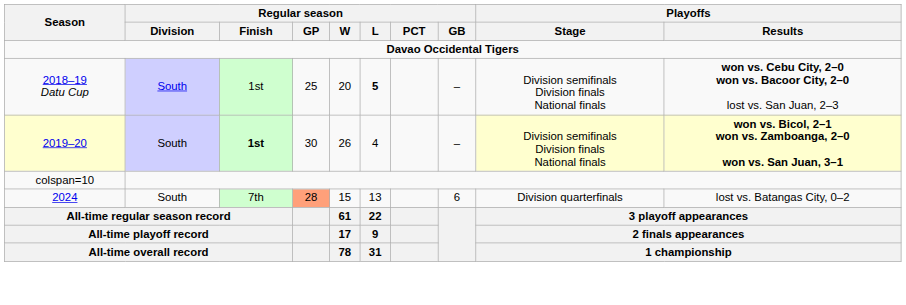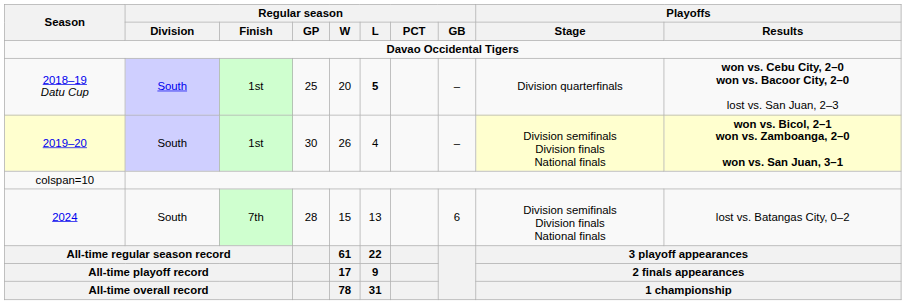 <table class=wikitable style="width:100%; text-align:center">
 <tr>
 <th rowspan="2">Season</th>
 <th colspan="7">Regular season</th>
 <th colspan="2">Playoffs</th>
 </tr>
 <tr>
 <th>Division</th>
 <th>Finish</th>
 <th>GP</th>
 <th>W</th>
 <th>L</th>
 <th>PCT</th>
 <th>GB</th>
 <th>Stage</th>
 <th>Results</th>
 </tr>
 <tr>
 <td colspan=10><span><strong>Davao Occidental Tigers</strong></span></td>
 </tr>
 <tr>
 <td><a href='#'>2018–19</a> <br> <em>Datu Cup</em></td>
 <td bgcolor="#CFCFFF"><a href='#'>South</a></td>
 <td bgcolor="#CFFFCF">1st</td>
 <td>25</td>
 <td>20</td>
 <td><strong>5</strong></td>
 <td></td>
 <td>–</td>
-<td> <br> Division semifinals <br> Division finals <br> National finals</td>
+<td>Division quarterfinals</td>
 <td><strong>won vs. Cebu City, 2–0</strong> <br> <strong>won vs. Bacoor City, 2–0</strong> <br>  <br> lost vs. San Juan, 2–3</td>
 </tr>
 <tr>
 <td bgcolor="#FFFFCF"><a href='#'>2019–20</a> <br> <em></em></td>
 <td bgcolor="#CFCFFF">South</td>
-<td bgcolor="#CFFFCF"><strong>1st</strong></td>
+<td bgcolor="#CFFFCF">1st</td>
 <td>30</td>
 <td>26</td>
 <td>4</td>
 <td></td>
 <td>–</td>
 <td bgcolor="#FFFFCF"> <br> Division semifinals <br> Division finals <br> National finals</td>
 <td bgcolor="#FFFFCF"><strong>won vs. Bicol, 2–1</strong> <br> <strong>won vs. Zamboanga, 2–0</strong> <br>  <br> <strong>won vs. San Juan, 3–1</strong></td>
 </tr>
 <tr>
 <td>colspan=10 </td>
 </tr>
 <tr>
 <td><a href='#'>2024</a></td>
 <td>South</td>
 <td bgcolor="CFFFCF">7th</td>
-<td style="background: lightsalmon;">28</td>
+<td>28</td>
 <td>15</td>
 <td>13</td>
 <td></td>
 <td>6</td>
-<td>Division quarterfinals</td>
+<td> <br> Division semifinals <br> Division finals <br> National finals</td>
 <td>lost vs. Batangas City, 0–2</td>
 </tr>
 <tr>
 <th colspan=3>All-time regular season record</th>
 <th></th>
 <th>61</th>
 <th>22</th>
 <th></th>
 <th rowspan=3></th>
 <th colspan=2>3 playoff appearances</th>
 </tr>
 <tr>
 <th colspan=3>All-time playoff record</th>
 <th></th>
 <th>17</th>
 <th>9</th>
 <th></th>
 <th colspan=2>2 finals appearances</th>
 </tr>
 <tr>
 <th colspan=3>All-time overall record</th>
 <th></th>
 <th>78</th>
 <th>31</th>
 <th></th>
 <th colspan=2>1 championship</th>
 </tr>
 </table>
